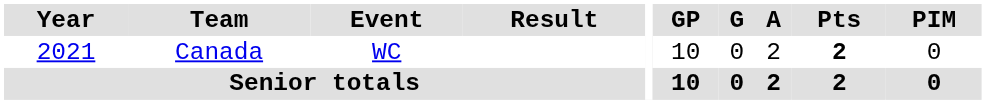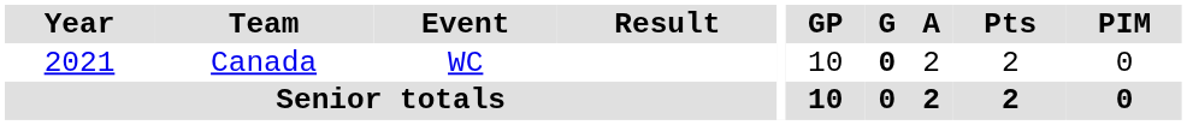 <table border="0" cellpadding="1" cellspacing="0" ID="Table3" style="text-align:center; width:40em;">
 <tr bgcolor="#e0e0e0">
 <th>Year</th>
 <th>Team</th>
 <th>Event</th>
 <th>Result</th>
 <th rowspan="102" bgcolor="#ffffff"></th>
 <th>GP</th>
 <th>G</th>
 <th>A</th>
 <th>Pts</th>
 <th>PIM</th>
 </tr>
 <tr>
 <td><a href='#'>2021</a></td>
 <td><a href='#'>Canada</a></td>
 <td><a href='#'>WC</a></td>
 <td></td>
 <td>10</td>
-<td>0</td>
+<td><strong>0</strong></td>
 <td>2</td>
-<td><strong>2</strong></td>
+<td>2</td>
 <td>0</td>
 </tr>
 <tr bgcolor="#e0e0e0">
 <th colspan="4">Senior totals</th>
 <th>10</th>
 <th>0</th>
 <th>2</th>
 <th>2</th>
 <th>0</th>
 </tr>
 </table>
